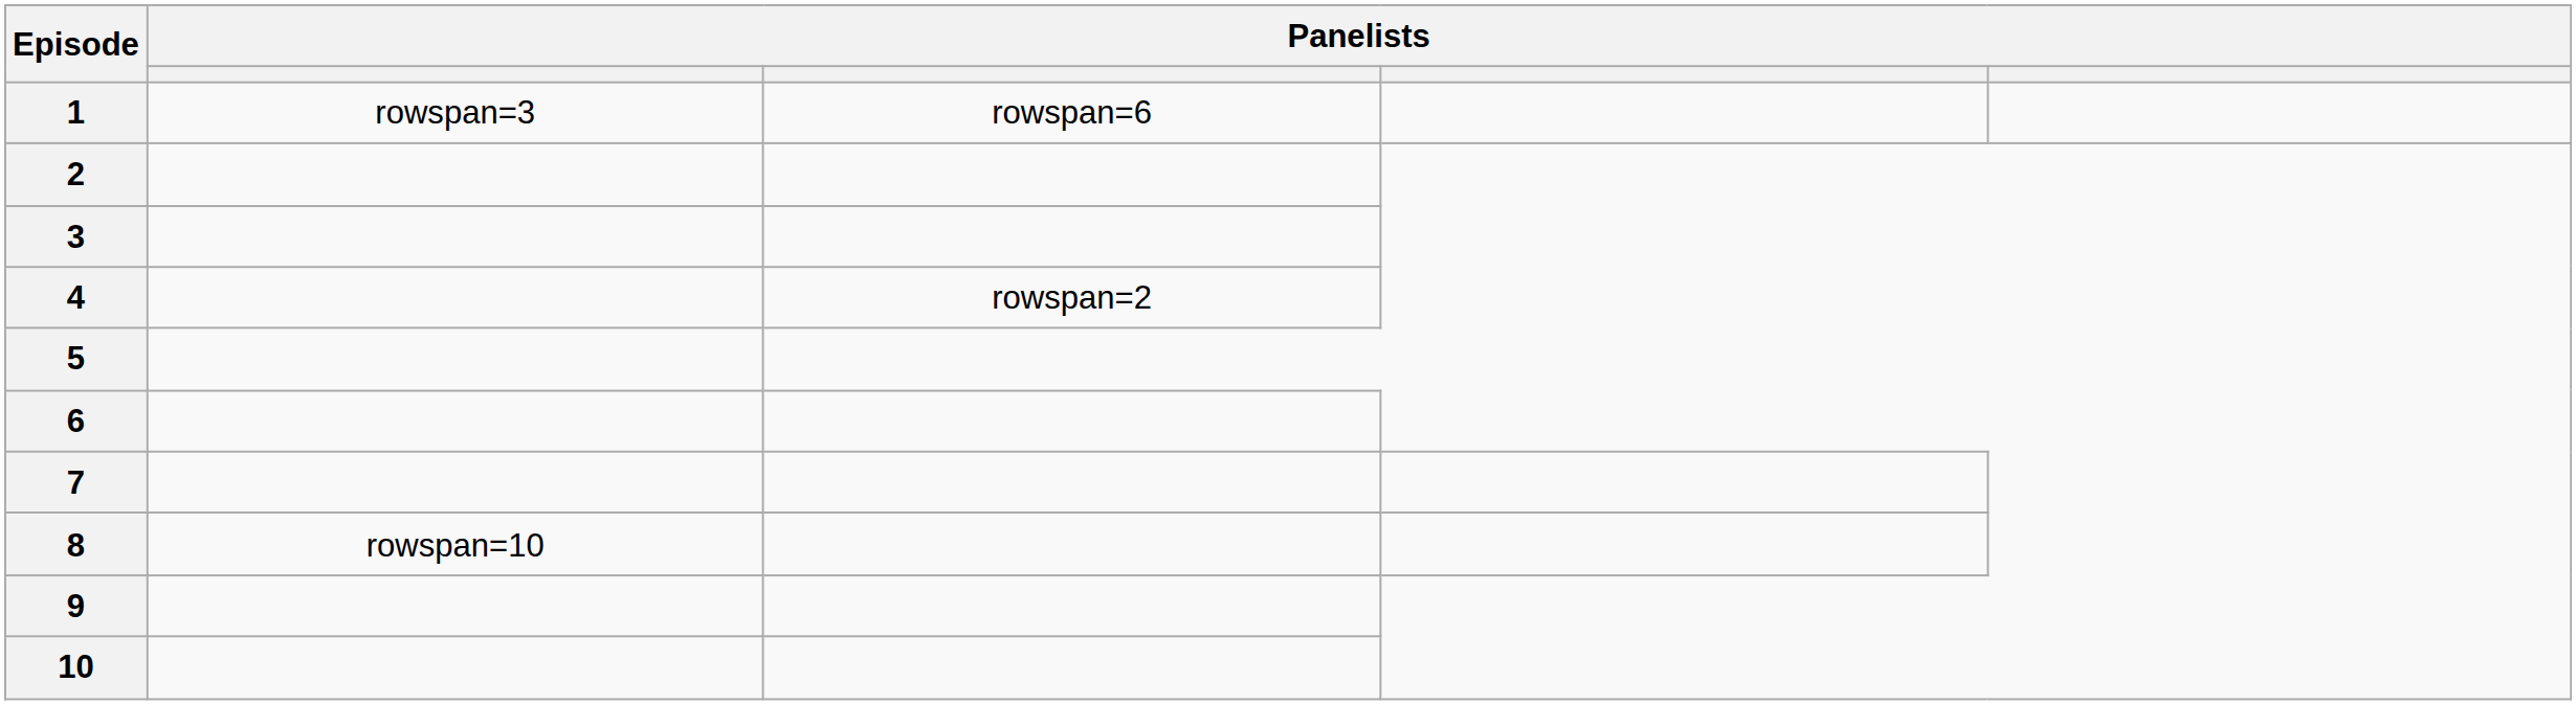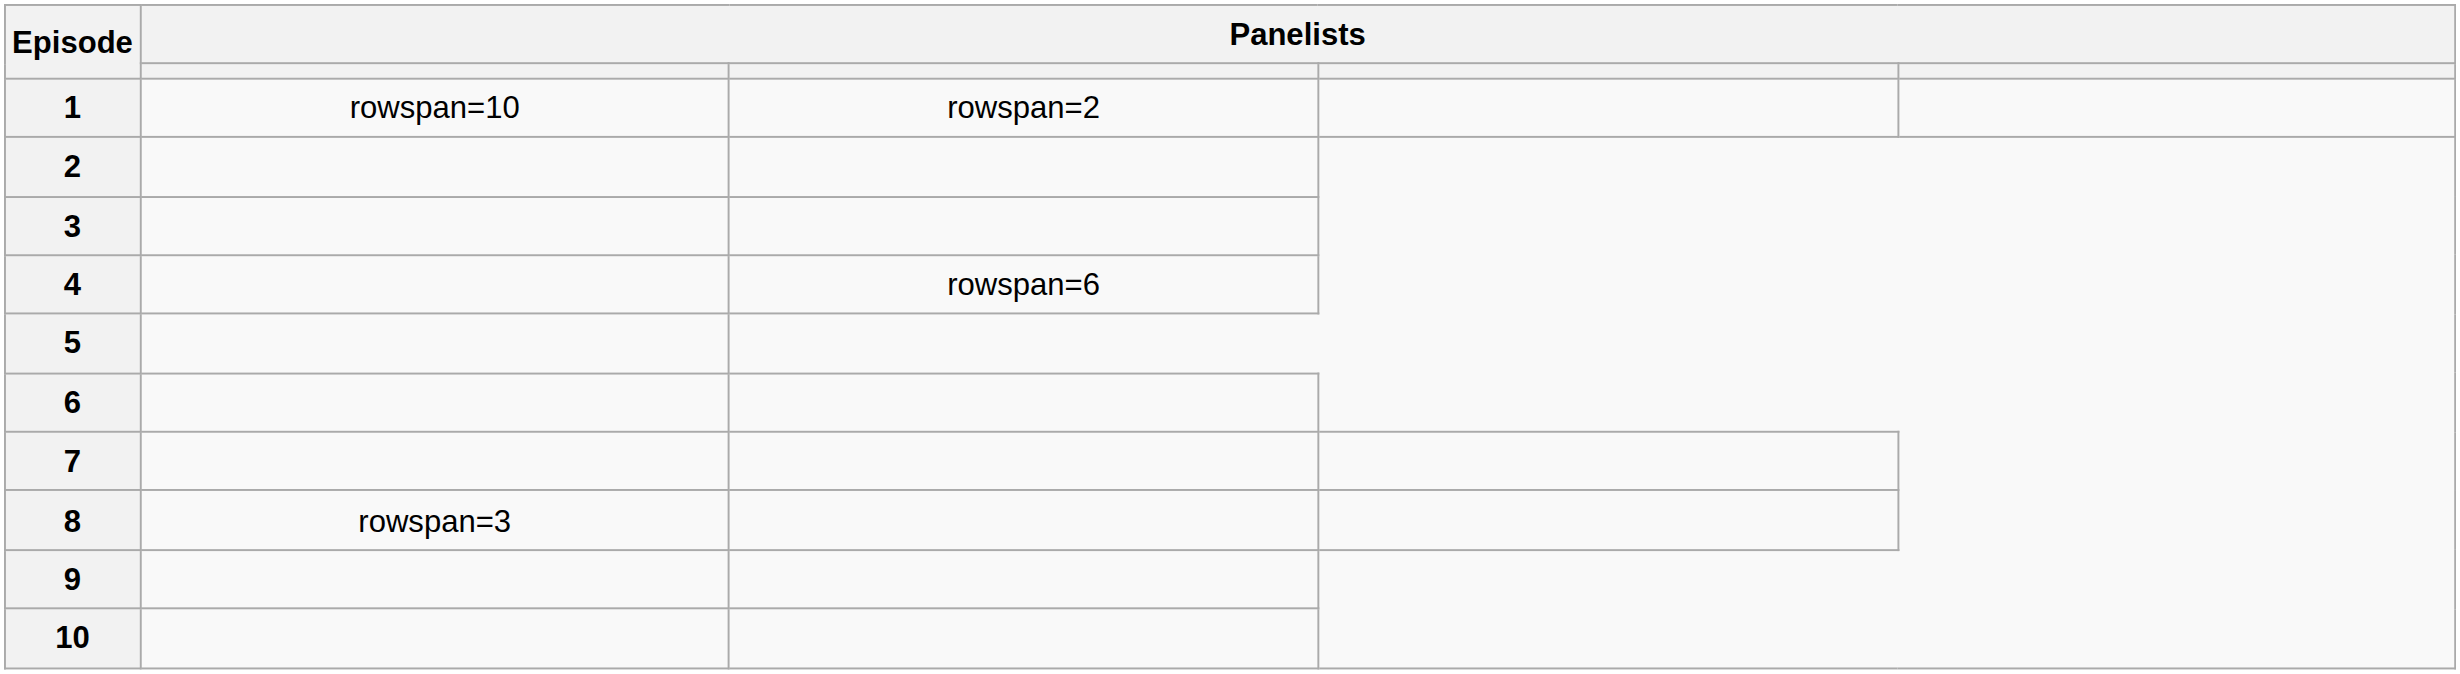 <table class="wikitable plainrowheaders mw-collapsible" style="text-align:center; line-height:23px; width:100%;">
 <tr>
 <th rowspan=2 width=01%>Episode</th>
 <th colspan=4>Panelists</th>
 </tr>
 <tr>
 <th width="25%"></th>
 <th width="25%"></th>
 <th width="25%"></th>
 <th width="25%"></th>
 </tr>
 <tr>
 <th>1</th>
-<td>rowspan=3 </td>
-<td>rowspan=6 </td>
+<td>rowspan=10 </td>
+<td>rowspan=2 </td>
 <td></td>
 <td></td>
 </tr>
 <tr>
 <th>2</th>
 <td></td>
 <td></td>
 </tr>
 <tr>
 <th>3</th>
 <td></td>
 <td></td>
 </tr>
 <tr>
 <th>4</th>
 <td></td>
-<td>rowspan=2 </td>
+<td>rowspan=6 </td>
 </tr>
 <tr>
 <th>5</th>
 <td></td>
 </tr>
 <tr>
 <th>6</th>
 <td></td>
 <td></td>
 </tr>
 <tr>
 <th>7</th>
 <td></td>
 <td></td>
 <td></td>
 </tr>
 <tr>
 <th>8</th>
-<td>rowspan=10 </td>
+<td>rowspan=3 </td>
 <td></td>
 <td></td>
 </tr>
 <tr>
 <th>9</th>
 <td></td>
 <td></td>
 </tr>
 <tr>
 <th>10</th>
 <td></td>
 <td></td>
 </tr>
 </table>
